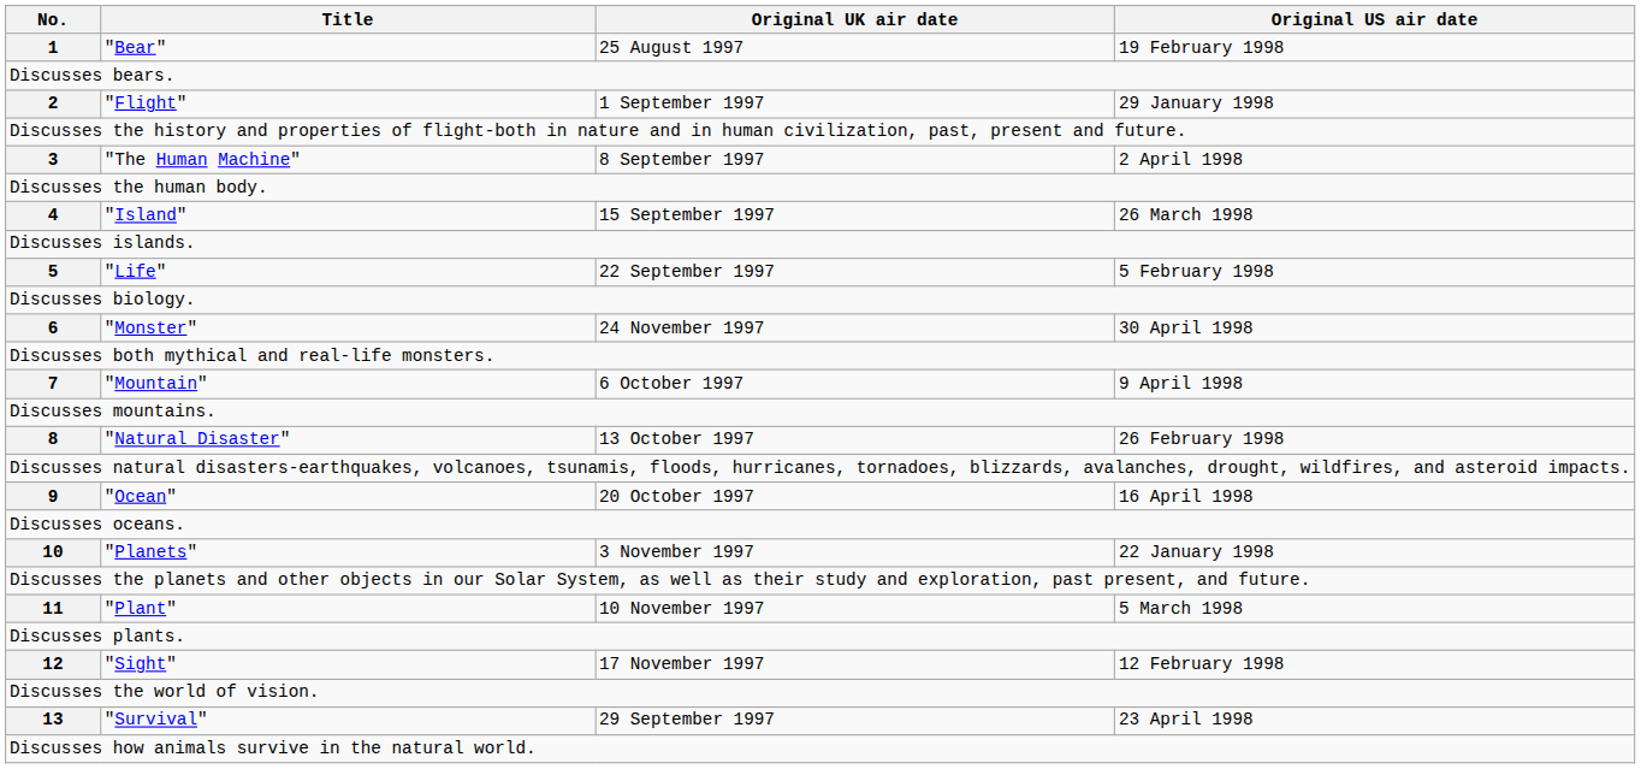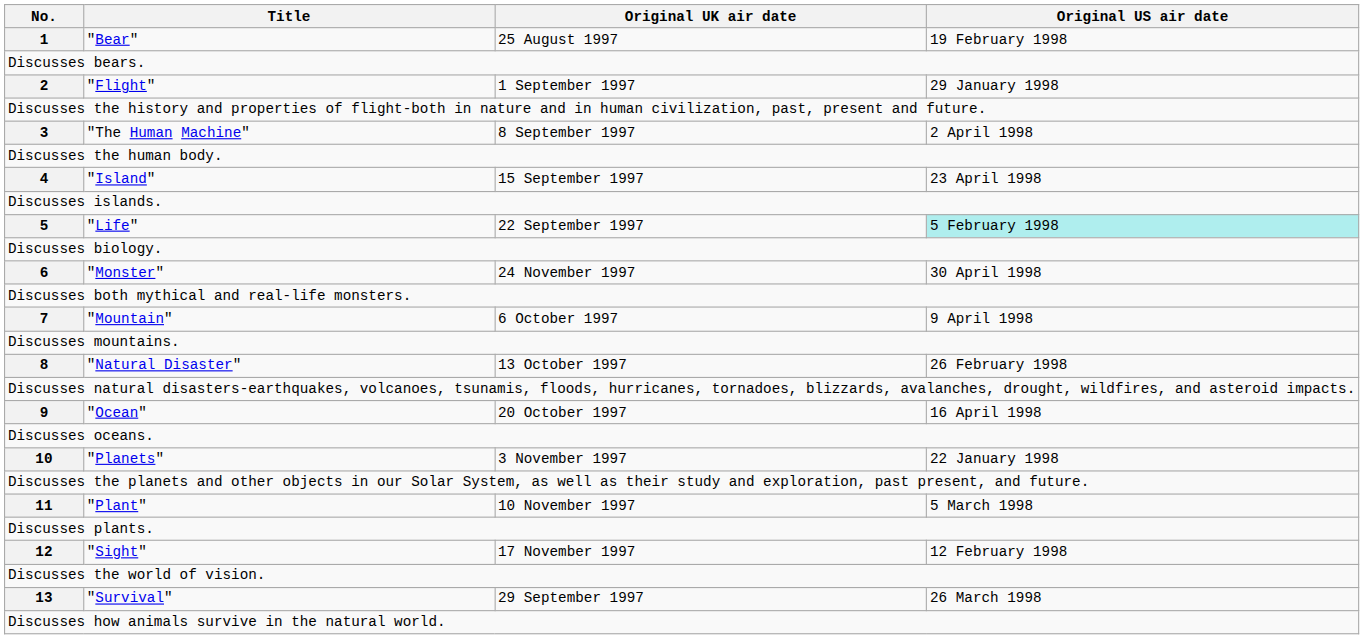 <table class="wikitable">
 <tr>
 <th><abbr>No.</abbr></th>
 <th>Title</th>
 <th>Original UK air date</th>
 <th>Original US air date</th>
 </tr>
 <tr>
 <th rowspan="1">1</th>
 <td rowspan="1">"<a href='#'>Bear</a>"</td>
 <td>25 August 1997</td>
 <td>19 February 1998</td>
 </tr>
 <tr>
 <td colspan="5">Discusses bears.</td>
 </tr>
 <tr>
 <th rowspan="1">2</th>
 <td rowspan="1">"<a href='#'>Flight</a>"</td>
 <td>1 September 1997</td>
 <td>29 January 1998</td>
 </tr>
 <tr>
 <td colspan="5">Discusses the history and properties of flight-both in nature and in human civilization, past, present and future.</td>
 </tr>
 <tr>
 <th rowspan="1">3</th>
 <td rowspan="1">"The <a href='#'>Human</a> <a href='#'>Machine</a>"</td>
 <td>8 September 1997</td>
 <td>2 April 1998</td>
 </tr>
 <tr>
 <td colspan="5">Discusses the human body.</td>
 </tr>
 <tr>
 <th rowspan="1">4</th>
 <td rowspan="1">"<a href='#'>Island</a>"</td>
 <td>15 September 1997</td>
-<td>26 March 1998</td>
+<td>23 April 1998</td>
 </tr>
 <tr>
 <td colspan="5">Discusses islands.</td>
 </tr>
 <tr>
 <th rowspan="1">5</th>
 <td rowspan="1">"<a href='#'>Life</a>"</td>
 <td>22 September 1997</td>
-<td>5 February 1998</td>
+<td style="background: paleturquoise;">5 February 1998</td>
 </tr>
 <tr>
 <td colspan="5">Discusses biology.</td>
 </tr>
 <tr>
 <th rowspan="1">6</th>
 <td rowspan="1">"<a href='#'>Monster</a>"</td>
 <td>24 November 1997</td>
 <td>30 April 1998</td>
 </tr>
 <tr>
 <td colspan="5">Discusses both mythical and real-life monsters.</td>
 </tr>
 <tr>
 <th rowspan="1">7</th>
 <td rowspan="1">"<a href='#'>Mountain</a>"</td>
 <td>6 October 1997</td>
 <td>9 April 1998</td>
 </tr>
 <tr>
 <td colspan="5">Discusses mountains.</td>
 </tr>
 <tr>
 <th rowspan="1">8</th>
 <td rowspan="1">"<a href='#'>Natural Disaster</a>"</td>
 <td>13 October 1997</td>
 <td>26 February 1998</td>
 </tr>
 <tr>
 <td colspan="5">Discusses natural disasters-earthquakes, volcanoes, tsunamis, floods, hurricanes, tornadoes, blizzards, avalanches, drought, wildfires, and asteroid impacts.</td>
 </tr>
 <tr>
 <th rowspan="1">9</th>
 <td rowspan="1">"<a href='#'>Ocean</a>"</td>
 <td>20 October 1997</td>
 <td>16 April 1998</td>
 </tr>
 <tr>
 <td colspan="5">Discusses oceans.</td>
 </tr>
 <tr>
 <th rowspan="1">10</th>
 <td rowspan="1">"<a href='#'>Planets</a>"</td>
 <td>3 November 1997</td>
 <td>22 January 1998</td>
 </tr>
 <tr>
 <td colspan="5">Discusses the planets and other objects in our Solar System, as well as their study and exploration, past present, and future.</td>
 </tr>
 <tr>
 <th rowspan="1">11</th>
 <td rowspan="1">"<a href='#'>Plant</a>"</td>
 <td>10 November 1997</td>
 <td>5 March 1998</td>
 </tr>
 <tr>
 <td colspan="5">Discusses plants.</td>
 </tr>
 <tr>
 <th rowspan="1">12</th>
 <td rowspan="1">"<a href='#'>Sight</a>"</td>
 <td>17 November 1997</td>
 <td>12 February 1998</td>
 </tr>
 <tr>
 <td colspan="5">Discusses the world of vision.</td>
 </tr>
 <tr>
 <th rowspan="1">13</th>
 <td rowspan="1">"<a href='#'>Survival</a>"</td>
 <td>29 September 1997</td>
-<td>23 April 1998</td>
+<td>26 March 1998</td>
 </tr>
 <tr>
 <td colspan="5">Discusses how animals survive in the natural world.</td>
 </tr>
 </table>
